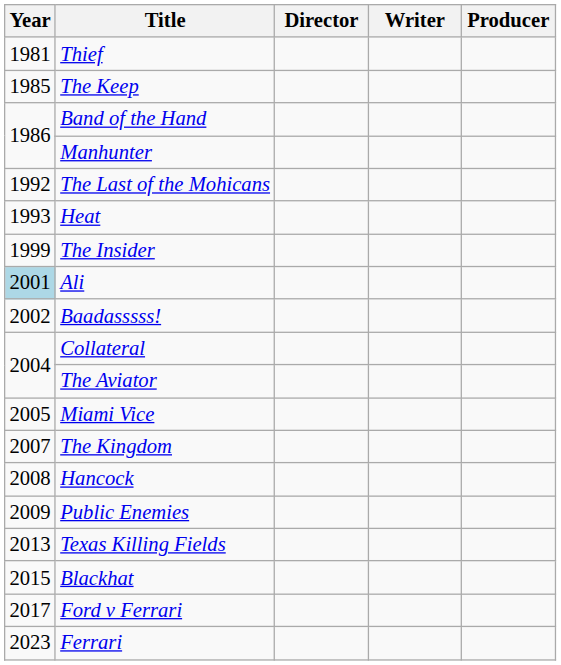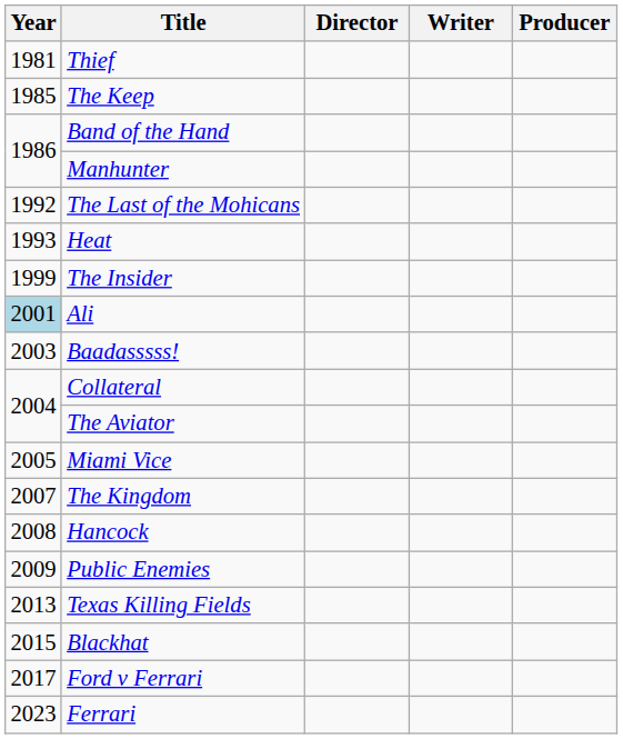 <table class="wikitable">
 <tr>
 <th>Year</th>
 <th>Title</th>
 <th width=65>Director</th>
 <th width=65>Writer</th>
 <th width=65>Producer</th>
 </tr>
 <tr>
 <td>1981</td>
 <td><em><a href='#'>Thief</a></em></td>
 <td></td>
 <td></td>
 <td></td>
 </tr>
 <tr>
 <td>1985</td>
 <td><em><a href='#'>The Keep</a></em></td>
 <td></td>
 <td></td>
 <td></td>
 </tr>
 <tr>
 <td rowspan="2'">1986</td>
 <td><em><a href='#'>Band of the Hand</a></em></td>
 <td></td>
 <td></td>
 <td></td>
 </tr>
 <tr>
 <td><em><a href='#'>Manhunter</a></em></td>
 <td></td>
 <td></td>
 <td></td>
 </tr>
 <tr>
 <td>1992</td>
 <td><em><a href='#'>The Last of the Mohicans</a></em></td>
 <td></td>
 <td></td>
 <td></td>
 </tr>
 <tr>
 <td>1993</td>
 <td><em><a href='#'>Heat</a></em></td>
 <td></td>
 <td></td>
 <td></td>
 </tr>
 <tr>
 <td>1999</td>
 <td><em><a href='#'>The Insider</a></em></td>
 <td></td>
 <td></td>
 <td></td>
 </tr>
 <tr>
 <td style="background: lightblue;">2001</td>
 <td><em><a href='#'>Ali</a></em></td>
 <td></td>
 <td></td>
 <td></td>
 </tr>
 <tr>
-<td>2002</td>
+<td>2003</td>
 <td><em><a href='#'>Baadasssss!</a></em></td>
 <td></td>
 <td></td>
 <td></td>
 </tr>
 <tr>
 <td rowspan="2">2004</td>
 <td><em><a href='#'>Collateral</a></em></td>
 <td></td>
 <td></td>
 <td></td>
 </tr>
 <tr>
 <td><em><a href='#'>The Aviator</a></em></td>
 <td></td>
 <td></td>
 <td></td>
 </tr>
 <tr>
 <td>2005</td>
 <td><em><a href='#'>Miami Vice</a></em></td>
 <td></td>
 <td></td>
 <td></td>
 </tr>
 <tr>
 <td>2007</td>
 <td><em><a href='#'>The Kingdom</a></em></td>
 <td></td>
 <td></td>
 <td></td>
 </tr>
 <tr>
 <td>2008</td>
 <td><em><a href='#'>Hancock</a></em></td>
 <td></td>
 <td></td>
 <td></td>
 </tr>
 <tr>
 <td>2009</td>
 <td><em><a href='#'>Public Enemies</a></em></td>
 <td></td>
 <td></td>
 <td></td>
 </tr>
 <tr>
 <td>2013</td>
 <td><em><a href='#'>Texas Killing Fields</a></em></td>
 <td></td>
 <td></td>
 <td></td>
 </tr>
 <tr>
 <td>2015</td>
 <td><em><a href='#'>Blackhat</a></em></td>
 <td></td>
 <td></td>
 <td></td>
 </tr>
 <tr>
 <td>2017</td>
 <td><em><a href='#'>Ford v Ferrari</a></em></td>
 <td></td>
 <td></td>
 <td></td>
 </tr>
 <tr>
 <td>2023</td>
 <td><em><a href='#'>Ferrari</a></em></td>
 <td></td>
 <td></td>
 <td></td>
 </tr>
 </table>
